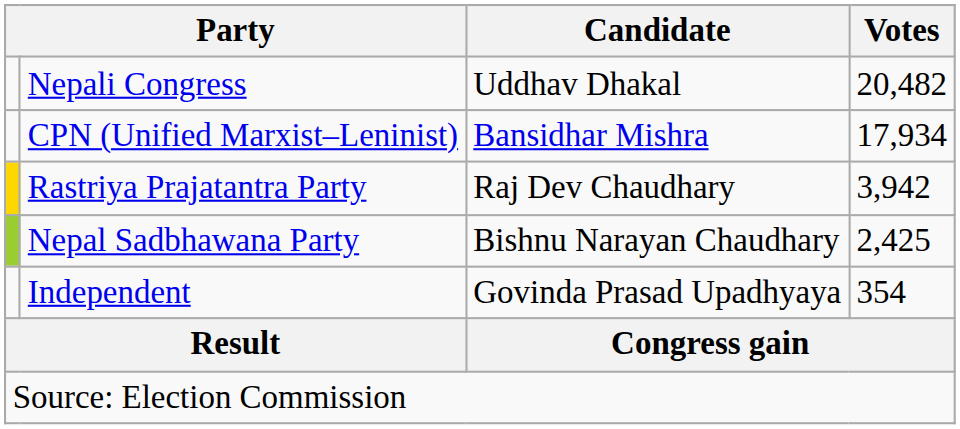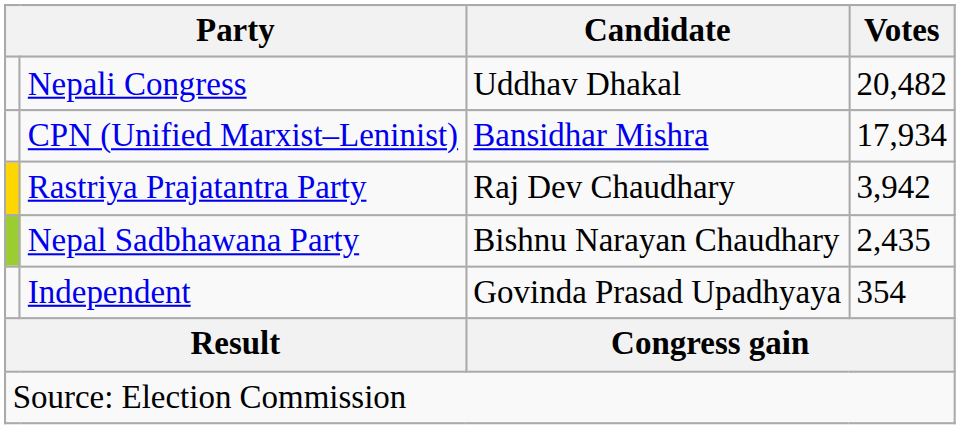 <table class="wikitable">
 <tr>
 <th colspan="2">Party</th>
 <th>Candidate</th>
 <th>Votes</th>
 </tr>
 <tr>
 <td style="background-color:"></td>
 <td><a href='#'>Nepali Congress</a></td>
 <td>Uddhav Dhakal</td>
 <td>20,482</td>
 </tr>
 <tr>
 <td style="background-color:"></td>
 <td><a href='#'>CPN (Unified Marxist–Leninist)</a></td>
 <td><a href='#'>Bansidhar Mishra</a></td>
 <td>17,934</td>
 </tr>
 <tr>
 <td style="background-color:gold"></td>
 <td><a href='#'>Rastriya Prajatantra Party</a></td>
 <td>Raj Dev Chaudhary</td>
 <td>3,942</td>
 </tr>
 <tr>
 <td style="background-color:yellowgreen"></td>
 <td><a href='#'>Nepal Sadbhawana Party</a></td>
 <td>Bishnu Narayan Chaudhary</td>
-<td>2,425</td>
+<td>2,435</td>
 </tr>
 <tr>
 <td style="background-color:"></td>
 <td><a href='#'>Independent</a></td>
 <td>Govinda Prasad Upadhyaya</td>
 <td>354</td>
 </tr>
 <tr>
 <th colspan="2">Result</th>
 <th colspan="2">Congress gain</th>
 </tr>
 <tr>
 <td colspan="4">Source: Election Commission</td>
 </tr>
 </table>
